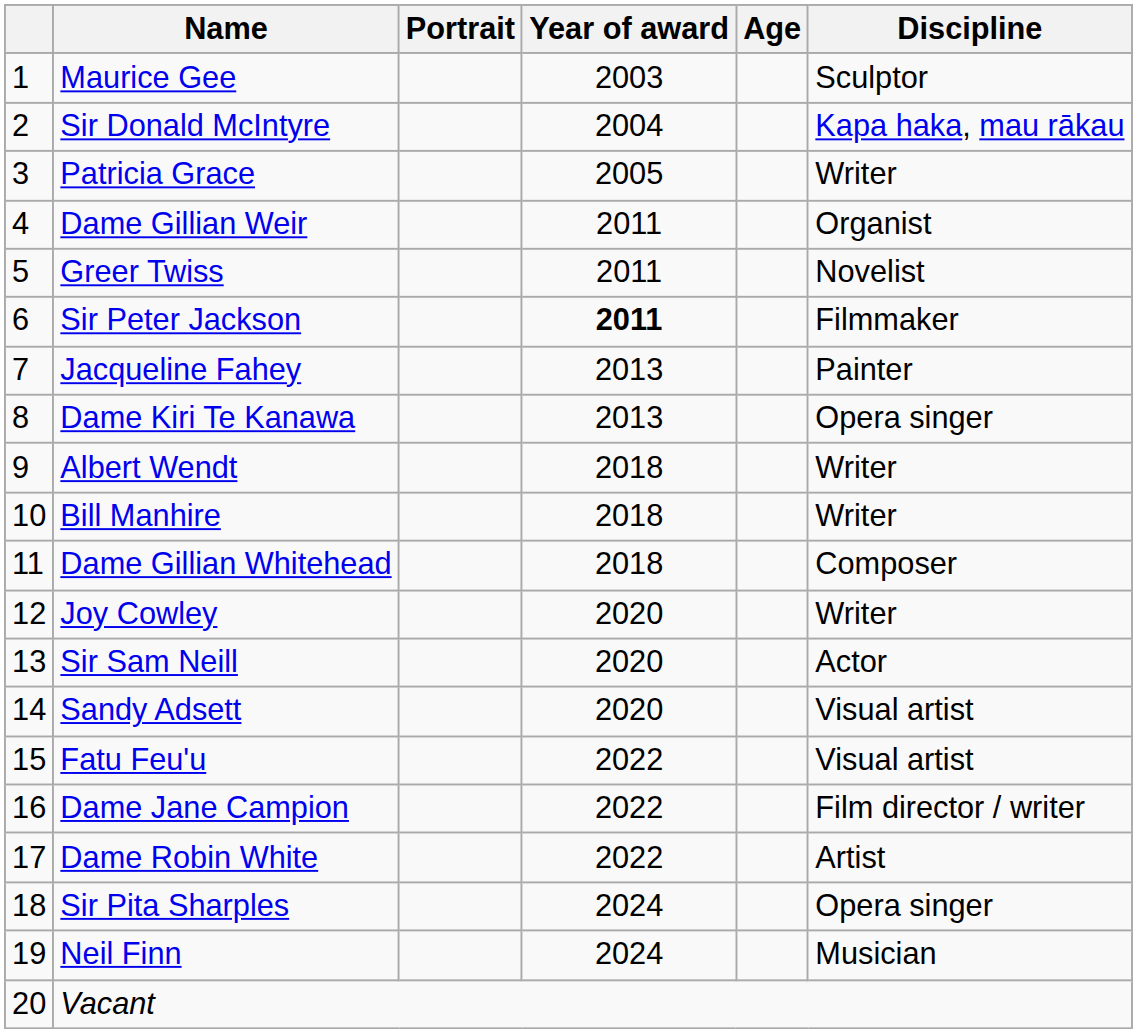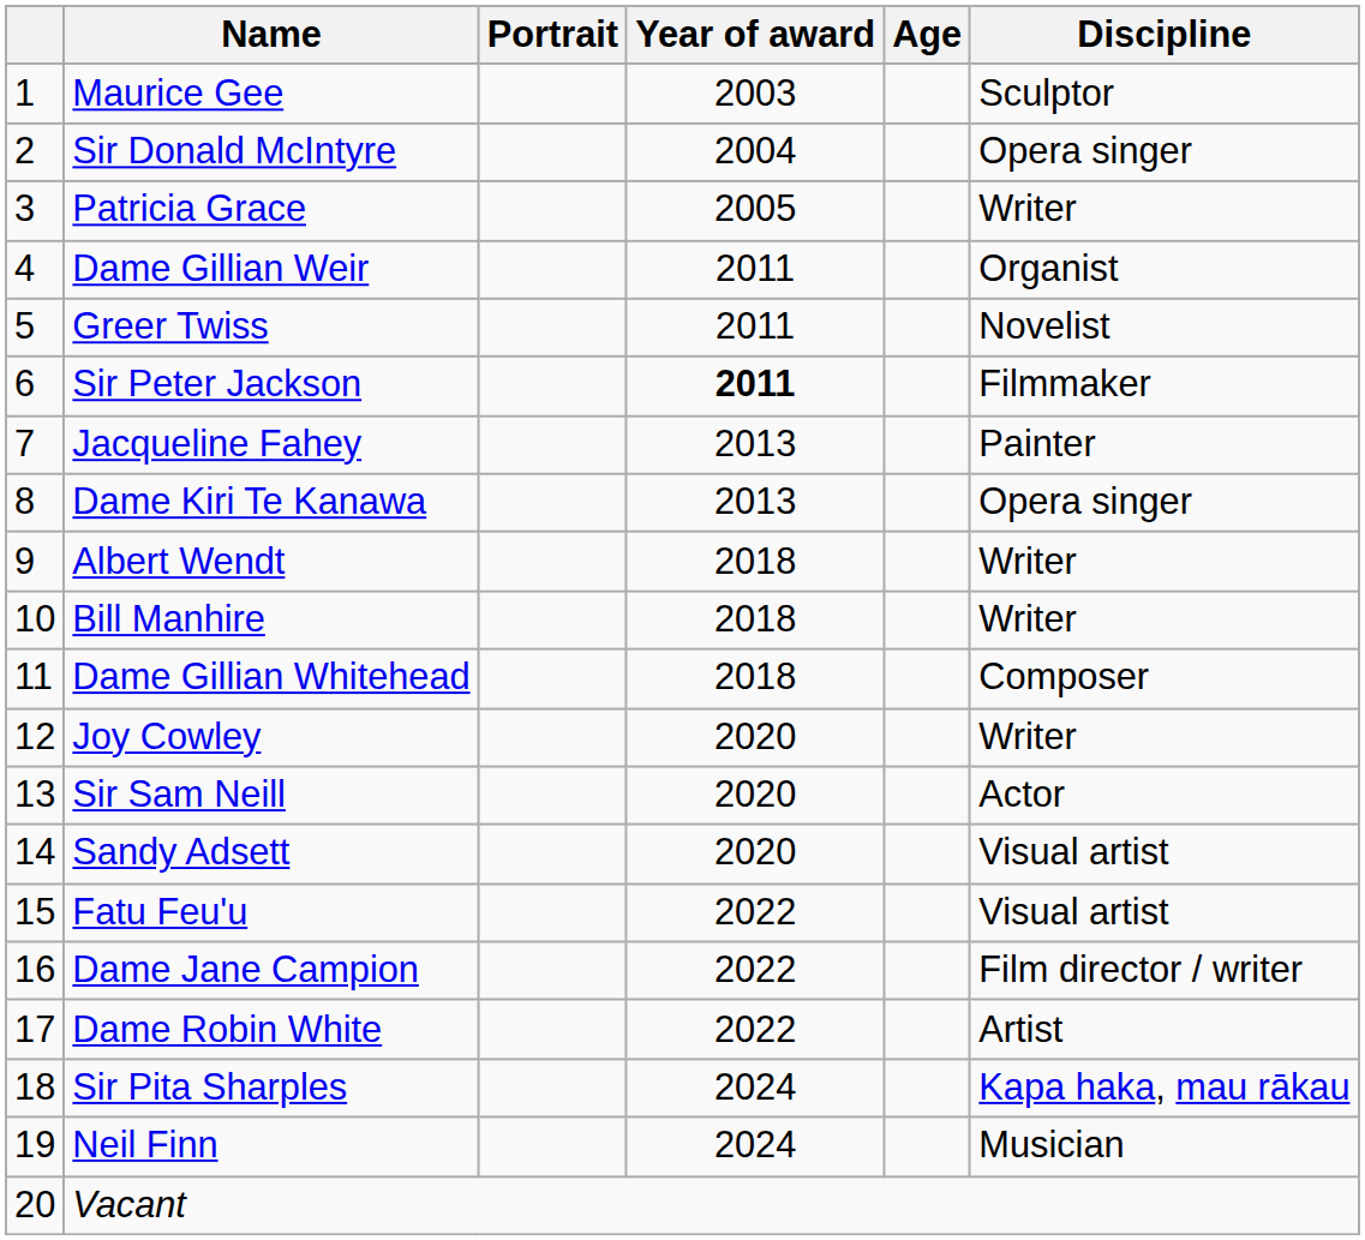 <table class="wikitable sortable">
 <tr a>
 <th></th>
 <th>Name</th>
 <th scope="col" class="unsortable">Portrait</th>
 <th>Year of award</th>
 <th>Age</th>
 <th>Discipline</th>
 </tr>
 <tr>
 <td>1</td>
 <td><a href='#'>Maurice Gee</a></td>
 <td></td>
 <td align=center>2003</td>
 <td align=center></td>
 <td>Sculptor</td>
 </tr>
 <tr>
 <td>2</td>
 <td><a href='#'>Sir Donald McIntyre</a><br></td>
 <td></td>
 <td align=center>2004</td>
 <td align=center></td>
-<td><a href='#'>Kapa haka</a>, <a href='#'>mau rākau</a></td>
+<td>Opera singer</td>
 </tr>
 <tr>
 <td>3</td>
 <td><a href='#'>Patricia Grace</a><br></td>
 <td></td>
 <td align=center>2005</td>
 <td align=center></td>
 <td>Writer</td>
 </tr>
 <tr>
 <td>4</td>
 <td><a href='#'>Dame Gillian Weir</a><br></td>
 <td></td>
 <td align=center>2011</td>
 <td align=center></td>
 <td>Organist</td>
 </tr>
 <tr>
 <td>5</td>
 <td><a href='#'>Greer Twiss</a><br></td>
 <td></td>
 <td align=center>2011</td>
 <td align=center></td>
 <td>Novelist</td>
 </tr>
 <tr>
 <td>6</td>
 <td><a href='#'>Sir Peter Jackson</a><br></td>
 <td></td>
 <td align=center><strong>2011</strong></td>
 <td align=center></td>
 <td>Filmmaker</td>
 </tr>
 <tr>
 <td>7</td>
 <td><a href='#'>Jacqueline Fahey</a><br></td>
 <td></td>
 <td align=center>2013</td>
 <td align=center></td>
 <td>Painter</td>
 </tr>
 <tr>
 <td>8</td>
 <td><a href='#'>Dame Kiri Te Kanawa</a><br></td>
 <td></td>
 <td align=center>2013</td>
 <td align=center></td>
 <td>Opera singer</td>
 </tr>
 <tr>
 <td>9</td>
 <td><a href='#'>Albert Wendt</a><br></td>
 <td></td>
 <td align=center>2018</td>
 <td align=center></td>
 <td>Writer</td>
 </tr>
 <tr>
 <td>10</td>
 <td><a href='#'>Bill Manhire</a><br></td>
 <td></td>
 <td align=center>2018</td>
 <td align=center></td>
 <td>Writer</td>
 </tr>
 <tr>
 <td>11</td>
 <td><a href='#'>Dame Gillian Whitehead</a><br></td>
 <td></td>
 <td align=center>2018</td>
 <td align=center></td>
 <td>Composer</td>
 </tr>
 <tr>
 <td>12</td>
 <td><a href='#'>Joy Cowley</a><br></td>
 <td></td>
 <td align=center>2020</td>
 <td align=center></td>
 <td>Writer</td>
 </tr>
 <tr>
 <td>13</td>
 <td><a href='#'>Sir Sam Neill</a><br></td>
 <td></td>
 <td align=center>2020</td>
 <td align=center></td>
 <td>Actor</td>
 </tr>
 <tr>
 <td>14</td>
 <td><a href='#'>Sandy Adsett</a><br></td>
 <td></td>
 <td align=center>2020</td>
 <td align=center></td>
 <td>Visual artist</td>
 </tr>
 <tr>
 <td>15</td>
 <td><a href='#'>Fatu Feu'u</a><br></td>
 <td></td>
 <td align=center>2022</td>
 <td align=center></td>
 <td>Visual artist</td>
 </tr>
 <tr>
 <td>16</td>
 <td><a href='#'>Dame Jane Campion</a><br></td>
 <td></td>
 <td align=center>2022</td>
 <td align=center></td>
 <td>Film director / writer</td>
 </tr>
 <tr>
 <td>17</td>
 <td><a href='#'>Dame Robin White</a><br></td>
 <td></td>
 <td align=center>2022</td>
 <td align=center></td>
 <td>Artist</td>
 </tr>
 <tr>
 <td>18</td>
 <td><a href='#'>Sir Pita Sharples</a><br></td>
 <td></td>
 <td align=center>2024</td>
 <td align=center></td>
-<td>Opera singer</td>
+<td><a href='#'>Kapa haka</a>, <a href='#'>mau rākau</a></td>
 </tr>
 <tr>
 <td>19</td>
 <td><a href='#'>Neil Finn</a><br></td>
 <td></td>
 <td align=center>2024</td>
 <td align=center></td>
 <td>Musician</td>
 </tr>
 <tr>
 <td>20</td>
 <td colspan=5><em>Vacant</em></td>
 </tr>
 </table>
